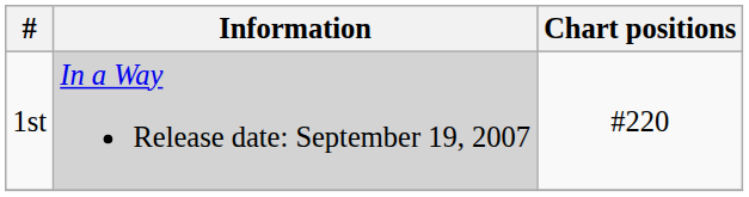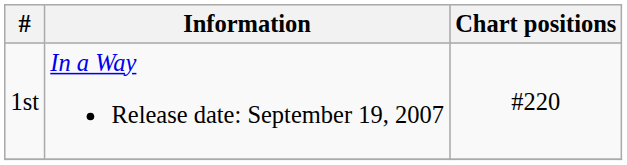 <table class="wikitable">
 <tr>
 <th>#</th>
 <th>Information</th>
 <th>Chart positions</th>
 </tr>
 <tr>
 <td align="center">1st</td>
-<td align="left" style="background: lightgrey;"><em><a href='#'>In a Way</a></em><br><ul><li>Release date: September 19, 2007</li></ul></td>
+<td align="left"><em><a href='#'>In a Way</a></em><br><ul><li>Release date: September 19, 2007</li></ul></td>
 <td align="center">#220</td>
 </tr>
 <tr>
 </tr>
 </table>
